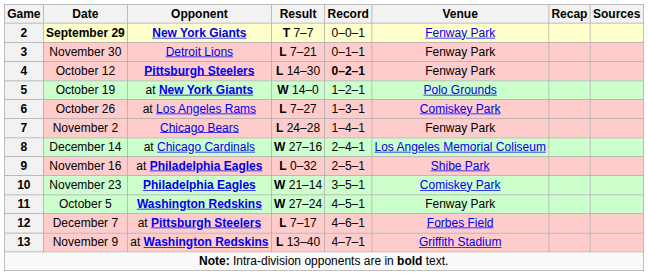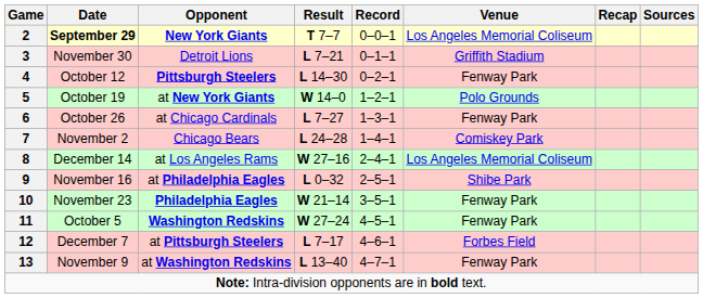 <table class="wikitable" style="text-align:center">
 <tr>
 <th>Game</th>
 <th>Date</th>
 <th>Opponent</th>
 <th>Result</th>
 <th>Record</th>
 <th>Venue</th>
 <th>Recap</th>
 <th>Sources</th>
 </tr>
 <tr style="background:#ffc">
 <th>2</th>
 <td><strong>September 29</strong></td>
 <td><strong><a href='#'>New York Giants</a></strong></td>
 <td><strong>T</strong> 7–7</td>
 <td>0–0–1</td>
-<td><a href='#'>Fenway Park</a></td>
+<td><a href='#'>Los Angeles Memorial Coliseum</a></td>
 <td></td>
 <td></td>
 </tr>
 <tr style="background:#fcc">
 <th>3</th>
 <td>November 30</td>
 <td><a href='#'>Detroit Lions</a></td>
 <td><strong>L</strong> 7–21</td>
 <td>0–1–1</td>
-<td>Fenway Park</td>
+<td><a href='#'>Griffith Stadium</a></td>
 <td></td>
 <td></td>
 </tr>
 <tr style="background:#fcc">
 <th>4</th>
 <td>October 12</td>
 <td><strong><a href='#'>Pittsburgh Steelers</a></strong></td>
 <td><strong>L</strong> 14–30</td>
-<td><strong>0–2–1</strong></td>
+<td>0–2–1</td>
 <td>Fenway Park</td>
 <td></td>
 <td></td>
 </tr>
 <tr style="background:#cfc">
 <th>5</th>
 <td>October 19</td>
 <td>at <strong><a href='#'>New York Giants</a></strong></td>
 <td><strong>W</strong> 14–0</td>
 <td>1–2–1</td>
 <td><a href='#'>Polo Grounds</a></td>
 <td></td>
 <td></td>
 </tr>
 <tr style="background:#fcc">
 <th>6</th>
 <td>October 26</td>
-<td>at <a href='#'>Los Angeles Rams</a></td>
+<td>at <a href='#'>Chicago Cardinals</a></td>
 <td><strong>L</strong> 7–27</td>
 <td>1–3–1</td>
-<td><a href='#'>Comiskey Park</a></td>
+<td>Fenway Park</td>
 <td></td>
 <td></td>
 </tr>
 <tr style="background:#fcc">
 <th>7</th>
 <td>November 2</td>
 <td><a href='#'>Chicago Bears</a></td>
 <td><strong>L</strong> 24–28</td>
 <td>1–4–1</td>
-<td>Fenway Park</td>
+<td><a href='#'>Comiskey Park</a></td>
 <td></td>
 <td></td>
 </tr>
 <tr style="background:#cfc">
 <th>8</th>
 <td>December 14</td>
-<td>at <a href='#'>Chicago Cardinals</a></td>
+<td>at <a href='#'>Los Angeles Rams</a></td>
 <td><strong>W</strong> 27–16</td>
 <td>2–4–1</td>
 <td><a href='#'>Los Angeles Memorial Coliseum</a></td>
 <td></td>
 <td></td>
 </tr>
 <tr style="background:#fcc">
 <th>9</th>
 <td>November 16</td>
 <td>at <strong><a href='#'>Philadelphia Eagles</a></strong></td>
 <td><strong>L</strong> 0–32</td>
 <td>2–5–1</td>
 <td><a href='#'>Shibe Park</a></td>
 <td></td>
 <td></td>
 </tr>
 <tr style="background:#cfc">
 <th>10</th>
 <td>November 23</td>
 <td><strong><a href='#'>Philadelphia Eagles</a></strong></td>
 <td><strong>W</strong> 21–14</td>
 <td>3–5–1</td>
-<td><a href='#'>Comiskey Park</a></td>
+<td>Fenway Park</td>
 <td></td>
 <td></td>
 </tr>
 <tr style="background:#cfc">
 <th>11</th>
 <td>October 5</td>
 <td><strong><a href='#'>Washington Redskins</a></strong></td>
 <td><strong>W</strong> 27–24</td>
 <td>4–5–1</td>
 <td>Fenway Park</td>
 <td></td>
 <td></td>
 </tr>
 <tr style="background:#fcc">
 <th>12</th>
 <td>December 7</td>
 <td>at <strong><a href='#'>Pittsburgh Steelers</a></strong></td>
 <td><strong>L</strong> 7–17</td>
 <td>4–6–1</td>
 <td><a href='#'>Forbes Field</a></td>
 <td></td>
 <td></td>
 </tr>
 <tr style="background:#fcc">
 <th>13</th>
 <td>November 9</td>
 <td>at <strong><a href='#'>Washington Redskins</a></strong></td>
 <td><strong>L</strong> 13–40</td>
 <td>4–7–1</td>
-<td><a href='#'>Griffith Stadium</a></td>
+<td>Fenway Park</td>
 <td></td>
 <td></td>
 </tr>
 <tr>
 <td colspan="10"><strong>Note:</strong> Intra-division opponents are in <strong>bold</strong> text.</td>
 </tr>
 </table>
